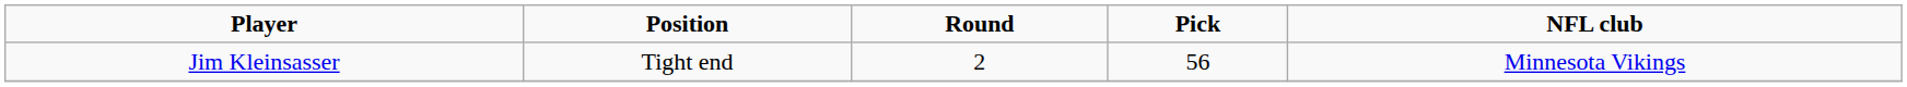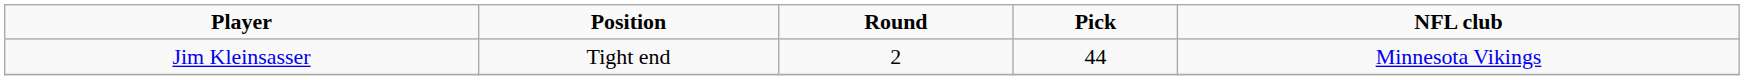 <table class="wikitable" width="80%">
 <tr align="center">
 <td><strong>Player</strong></td>
 <td><strong>Position</strong></td>
 <td><strong>Round</strong></td>
 <td><strong>Pick</strong></td>
 <td><strong>NFL club</strong></td>
 </tr>
 <tr align="center" bgcolor="">
 <td><a href='#'>Jim Kleinsasser</a></td>
 <td>Tight end</td>
 <td>2</td>
-<td>56</td>
+<td>44</td>
 <td><a href='#'>Minnesota Vikings</a></td>
 </tr>
 <tr align="center" bgcolor="">
 </tr>
 </table>
